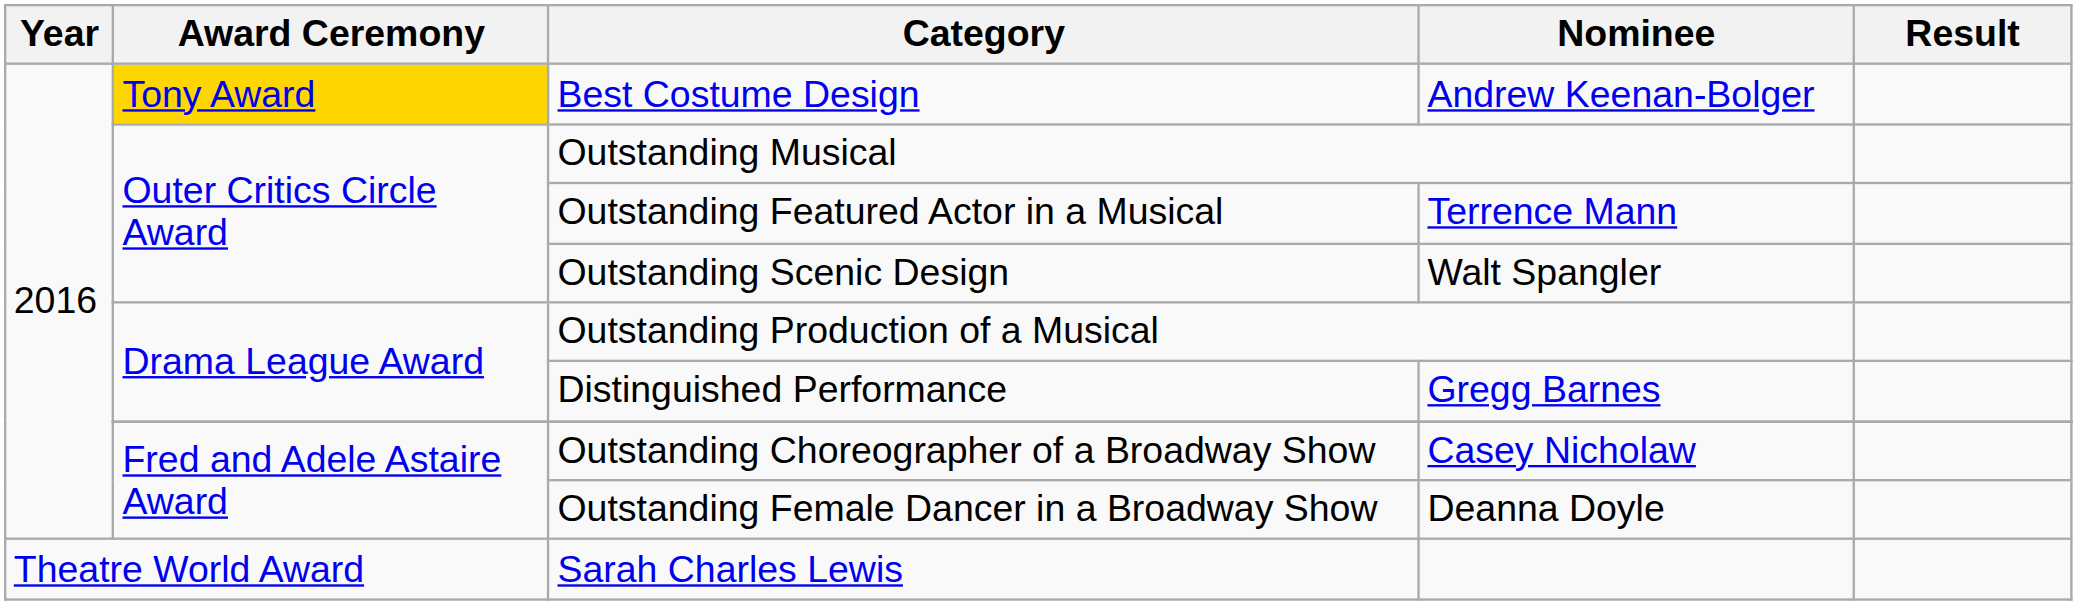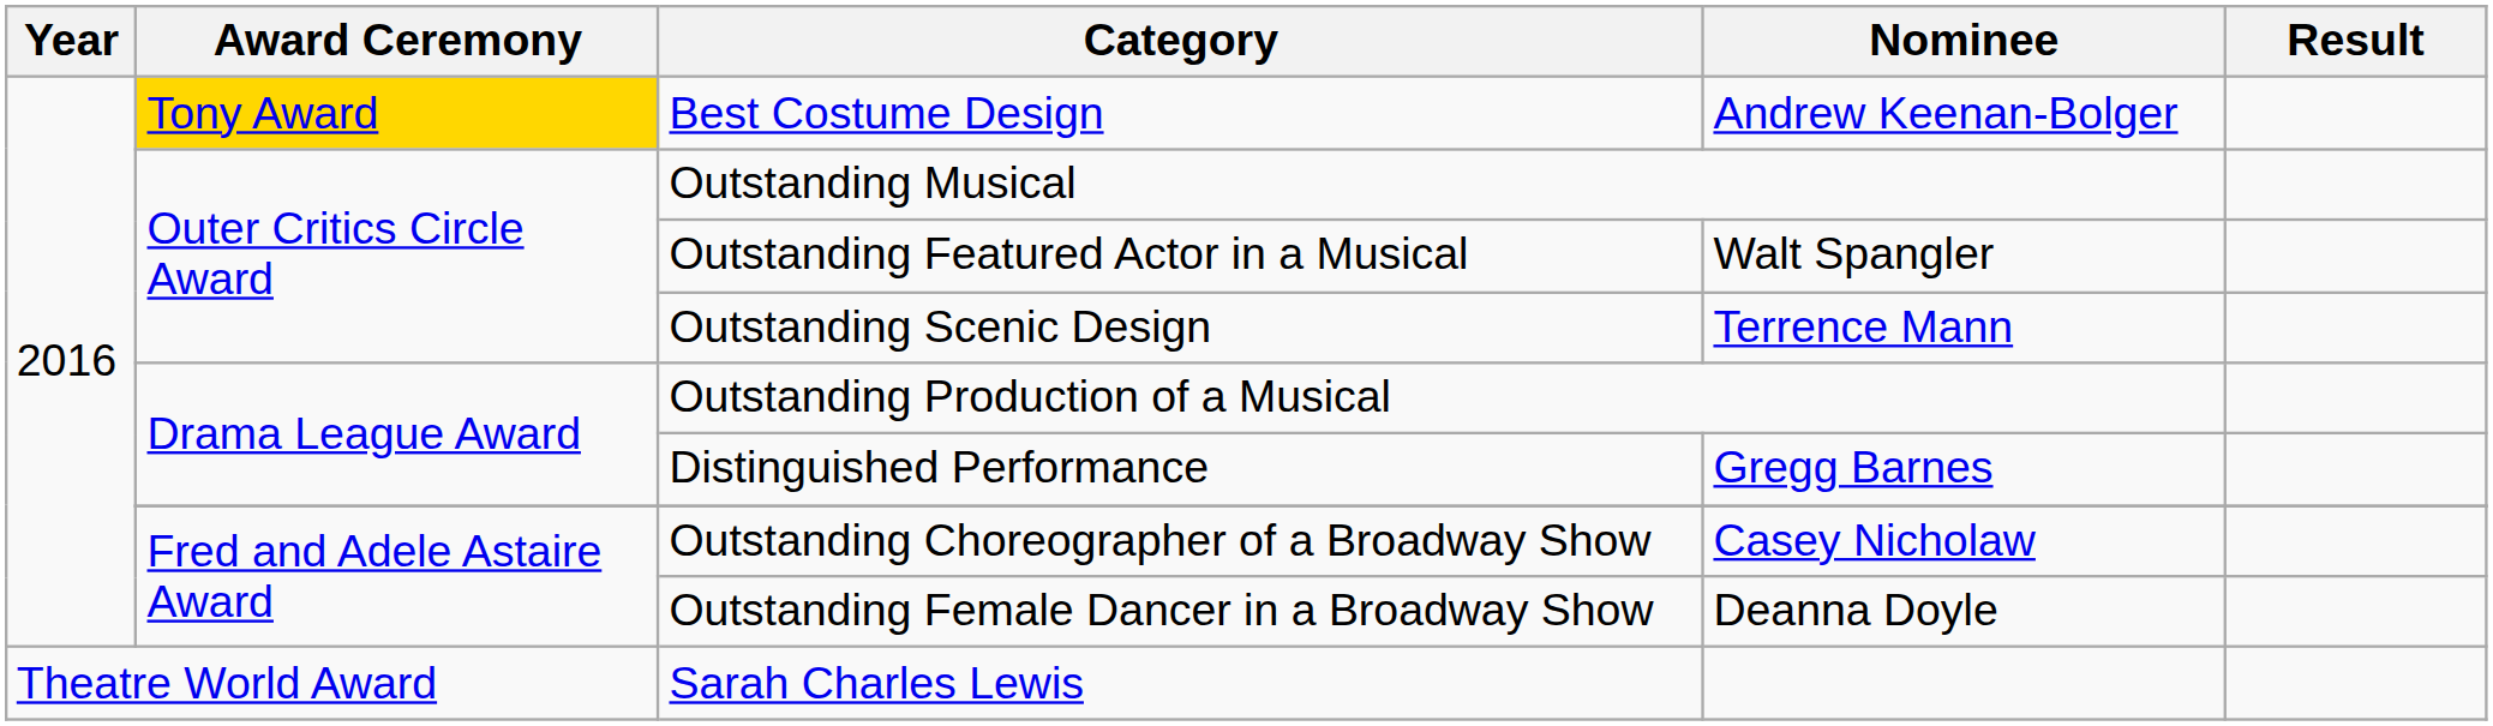 <table class="wikitable" width="100%">
 <tr>
 <th width="5%">Year</th>
 <th width="20%">Award Ceremony</th>
 <th width="40%">Category</th>
 <th width="20%">Nominee</th>
 <th width="10%">Result</th>
 </tr>
 <tr>
 <td rowspan="9">2016</td>
 <td style="background: gold;"><a href='#'>Tony Award</a></td>
 <td><a href='#'>Best Costume Design</a></td>
 <td><a href='#'>Andrew Keenan-Bolger</a></td>
 <td> </td>
 </tr>
 <tr>
 <td rowspan="3"><a href='#'>Outer Critics Circle Award</a></td>
 <td colspan="2">Outstanding Musical</td>
 <td></td>
 </tr>
 <tr>
 <td>Outstanding Featured Actor in a Musical</td>
-<td><a href='#'>Terrence Mann</a></td>
+<td>Walt Spangler</td>
 <td></td>
 </tr>
 <tr>
 <td>Outstanding Scenic Design</td>
-<td>Walt Spangler</td>
+<td><a href='#'>Terrence Mann</a></td>
 <td> </td>
 </tr>
 <tr>
 <td rowspan="2"><a href='#'>Drama League Award</a></td>
 <td colspan="2">Outstanding Production of a Musical</td>
 <td></td>
 </tr>
 <tr>
 <td>Distinguished Performance</td>
 <td><a href='#'>Gregg Barnes</a></td>
 <td></td>
 </tr>
 <tr>
 </tr>
 <tr>
 <td rowspan="2"><a href='#'>Fred and Adele Astaire Award</a></td>
 <td>Outstanding Choreographer of a Broadway Show</td>
 <td><a href='#'>Casey Nicholaw</a></td>
 <td></td>
 </tr>
 <tr>
 <td>Outstanding Female Dancer in a Broadway Show</td>
 <td>Deanna Doyle</td>
 <td></td>
 </tr>
 <tr>
 <td colspan="2"><a href='#'>Theatre World Award</a></td>
 <td><a href='#'>Sarah Charles Lewis</a></td>
 <td></td>
 </tr>
 </table>
